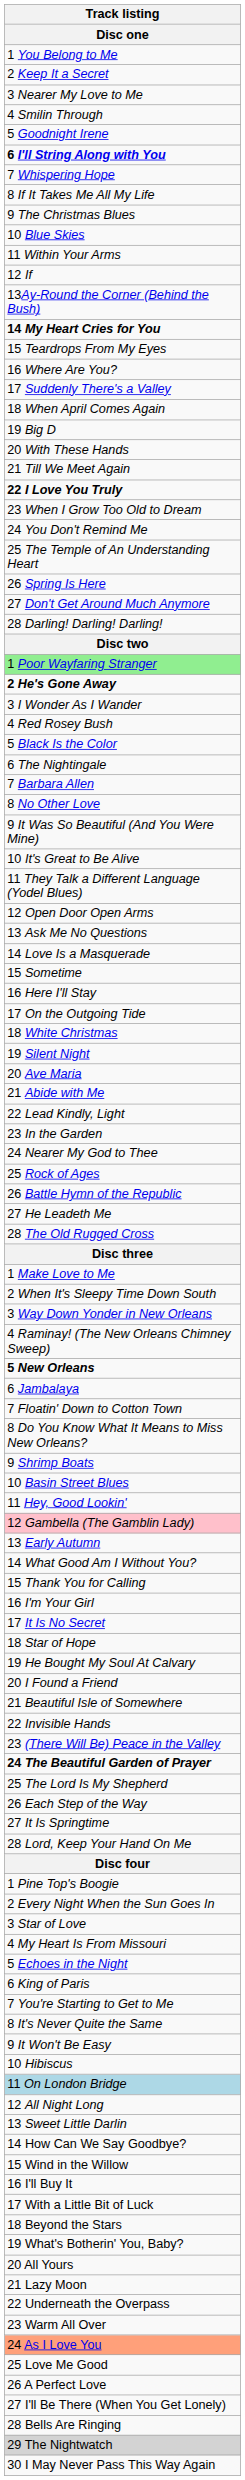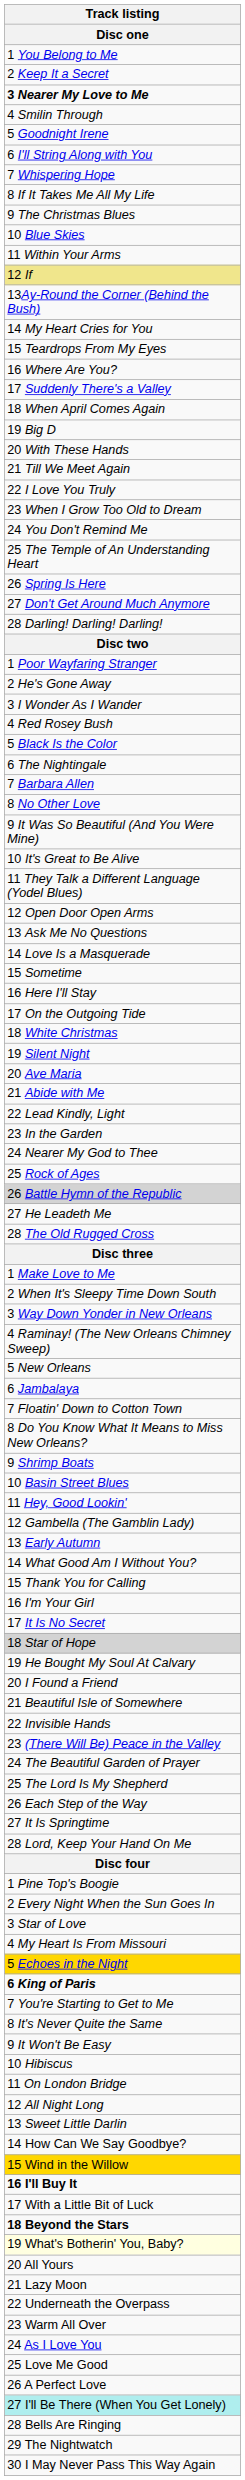 <table class="wikitable collapsible collapsed" style="width:300px;">
 <tr>
 <th>Track listing</th>
 </tr>
 <tr>
 <th>Disc one</th>
 </tr>
 <tr>
 <td>1 <em><a href='#'>You Belong to Me</a></em></td>
 </tr>
 <tr>
 <td>2 <em><a href='#'>Keep It a Secret</a></em></td>
 </tr>
 <tr>
-<td>3 <em>Nearer My Love to Me</em></td>
+<td><strong>3 <em>Nearer My Love to Me</em></strong></td>
 </tr>
 <tr>
 <td>4 <em>Smilin Through</em></td>
 </tr>
 <tr>
 <td>5 <em><a href='#'>Goodnight Irene</a></em></td>
 </tr>
 <tr>
-<td><strong>6 <em><a href='#'>I'll String Along with You</a></em></strong></td>
+<td>6 <em><a href='#'>I'll String Along with You</a></em></td>
 </tr>
 <tr>
 <td>7 <em><a href='#'>Whispering Hope</a></em></td>
 </tr>
 <tr>
 <td>8 <em>If It Takes Me All My Life</em></td>
 </tr>
 <tr>
 <td>9 <em>The Christmas Blues</em></td>
 </tr>
 <tr>
 <td>10 <em><a href='#'>Blue Skies</a></em></td>
 </tr>
 <tr>
 <td>11 <em>Within Your Arms</em></td>
 </tr>
 <tr>
-<td>12 <em>If</em></td>
+<td style="background: khaki;">12 <em>If</em></td>
 </tr>
 <tr>
 <td>13<em><a href='#'>Ay-Round the Corner (Behind the Bush)</a></em></td>
 </tr>
 <tr>
-<td><strong>14 <em>My Heart Cries for You</em></strong></td>
+<td>14 <em>My Heart Cries for You</em></td>
 </tr>
 <tr>
 <td>15 <em>Teardrops From My Eyes</em></td>
 </tr>
 <tr>
 <td>16 <em>Where Are You?</em></td>
 </tr>
 <tr>
 <td>17 <em><a href='#'>Suddenly There's a Valley</a></em></td>
 </tr>
 <tr>
 <td>18 <em>When April Comes Again</em></td>
 </tr>
 <tr>
 <td>19 <em>Big D</em></td>
 </tr>
 <tr>
 <td>20 <em>With These Hands</em></td>
 </tr>
 <tr>
 <td>21 <em>Till We Meet Again</em></td>
 </tr>
 <tr>
-<td><strong>22 <em>I Love You Truly</em></strong></td>
+<td>22 <em>I Love You Truly</em></td>
 </tr>
 <tr>
 <td>23 <em>When I Grow Too Old to Dream</em></td>
 </tr>
 <tr>
 <td>24 <em>You Don't Remind Me</em></td>
 </tr>
 <tr>
 <td>25 <em>The Temple of An Understanding Heart</em></td>
 </tr>
 <tr>
 <td>26 <em><a href='#'>Spring Is Here</a></em></td>
 </tr>
 <tr>
 <td>27 <em><a href='#'>Don't Get Around Much Anymore</a></em></td>
 </tr>
 <tr>
 <td>28 <em>Darling! Darling! Darling!</em></td>
 </tr>
 <tr>
 <th>Disc two</th>
 </tr>
 <tr>
-<td style="background: lightgreen;">1 <em><a href='#'>Poor Wayfaring Stranger</a></em></td>
+<td>1 <em><a href='#'>Poor Wayfaring Stranger</a></em></td>
 </tr>
 <tr>
-<td><strong>2 <em>He's Gone Away</em></strong></td>
+<td>2 <em>He's Gone Away</em></td>
 </tr>
 <tr>
 <td>3 <em>I Wonder As I Wander</em></td>
 </tr>
 <tr>
 <td>4 <em>Red Rosey Bush</em></td>
 </tr>
 <tr>
 <td>5 <em><a href='#'>Black Is the Color</a></em></td>
 </tr>
 <tr>
 <td>6 <em>The Nightingale</em></td>
 </tr>
 <tr>
 <td>7 <em><a href='#'>Barbara Allen</a></em></td>
 </tr>
 <tr>
 <td>8 <em><a href='#'>No Other Love</a></em></td>
 </tr>
 <tr>
 <td>9 <em>It Was So Beautiful (And You Were Mine)</em></td>
 </tr>
 <tr>
 <td>10 <em>It's Great to Be Alive</em></td>
 </tr>
 <tr>
 <td>11 <em>They Talk a Different Language (Yodel Blues)</em></td>
 </tr>
 <tr>
 <td>12 <em>Open Door Open Arms</em></td>
 </tr>
 <tr>
 <td>13 <em>Ask Me No Questions</em></td>
 </tr>
 <tr>
 <td>14 <em>Love Is a Masquerade</em></td>
 </tr>
 <tr>
 <td>15 <em>Sometime</em></td>
 </tr>
 <tr>
 <td>16 <em>Here I'll Stay</em></td>
 </tr>
 <tr>
 <td>17 <em>On the Outgoing Tide</em></td>
 </tr>
 <tr>
 <td>18 <em><a href='#'>White Christmas</a></em></td>
 </tr>
 <tr>
 <td>19 <em><a href='#'>Silent Night</a></em></td>
 </tr>
 <tr>
 <td>20 <em><a href='#'>Ave Maria</a></em></td>
 </tr>
 <tr>
 <td>21 <em><a href='#'>Abide with Me</a></em></td>
 </tr>
 <tr>
 <td>22 <em>Lead Kindly, Light</em></td>
 </tr>
 <tr>
 <td>23 <em>In the Garden</em></td>
 </tr>
 <tr>
 <td>24 <em>Nearer My God to Thee</em></td>
 </tr>
 <tr>
 <td>25 <em><a href='#'>Rock of Ages</a></em></td>
 </tr>
 <tr>
-<td>26 <em><a href='#'>Battle Hymn of the Republic</a></em></td>
+<td style="background: lightgrey;">26 <em><a href='#'>Battle Hymn of the Republic</a></em></td>
 </tr>
 <tr>
 <td>27 <em>He Leadeth Me</em></td>
 </tr>
 <tr>
 <td>28 <em><a href='#'>The Old Rugged Cross</a></em></td>
 </tr>
 <tr>
 <th>Disc three</th>
 </tr>
 <tr>
 <td>1 <em><a href='#'>Make Love to Me</a></em></td>
 </tr>
 <tr>
 <td>2 <em>When It's Sleepy Time Down South</em></td>
 </tr>
 <tr>
 <td>3 <em><a href='#'>Way Down Yonder in New Orleans</a></em></td>
 </tr>
 <tr>
 <td>4 <em>Raminay! (The New Orleans Chimney Sweep)</em></td>
 </tr>
 <tr>
-<td><strong>5 <em>New Orleans</em></strong></td>
+<td>5 <em>New Orleans</em></td>
 </tr>
 <tr>
 <td>6 <em><a href='#'>Jambalaya</a></em></td>
 </tr>
 <tr>
 <td>7 <em>Floatin' Down to Cotton Town</em></td>
 </tr>
 <tr>
 <td>8 <em>Do You Know What It Means to Miss New Orleans?</em></td>
 </tr>
 <tr>
 <td>9 <em><a href='#'>Shrimp Boats</a></em></td>
 </tr>
 <tr>
 <td>10 <em><a href='#'>Basin Street Blues</a></em></td>
 </tr>
 <tr>
 <td>11 <em><a href='#'>Hey, Good Lookin'</a></em></td>
 </tr>
 <tr>
-<td style="background: pink;">12 <em>Gambella (The Gamblin Lady)</em></td>
+<td>12 <em>Gambella (The Gamblin Lady)</em></td>
 </tr>
 <tr>
 <td>13 <em><a href='#'>Early Autumn</a></em></td>
 </tr>
 <tr>
 <td>14 <em>What Good Am I Without You?</em></td>
 </tr>
 <tr>
 <td>15 <em>Thank You for Calling</em></td>
 </tr>
 <tr>
 <td>16 <em>I'm Your Girl</em></td>
 </tr>
 <tr>
 <td>17 <em><a href='#'>It Is No Secret</a></em></td>
 </tr>
 <tr>
-<td>18 <em>Star of Hope</em></td>
+<td style="background: lightgrey;">18 <em>Star of Hope</em></td>
 </tr>
 <tr>
 <td>19 <em>He Bought My Soul At Calvary</em></td>
 </tr>
 <tr>
 <td>20 <em>I Found a Friend</em></td>
 </tr>
 <tr>
 <td>21 <em>Beautiful Isle of Somewhere</em></td>
 </tr>
 <tr>
 <td>22 <em>Invisible Hands</em></td>
 </tr>
 <tr>
 <td>23 <em><a href='#'>(There Will Be) Peace in the Valley</a></em></td>
 </tr>
 <tr>
-<td><strong>24 <em>The Beautiful Garden of Prayer</em></strong></td>
+<td>24 <em>The Beautiful Garden of Prayer</em></td>
 </tr>
 <tr>
 <td>25 <em>The Lord Is My Shepherd</em></td>
 </tr>
 <tr>
 <td>26 <em>Each Step of the Way</em></td>
 </tr>
 <tr>
 <td>27 <em>It Is Springtime</em></td>
 </tr>
 <tr>
 <td>28 <em>Lord, Keep Your Hand On Me</em></td>
 </tr>
 <tr>
 <th>Disc four</th>
 </tr>
 <tr>
 <td>1 <em>Pine Top's Boogie</em></td>
 </tr>
 <tr>
 <td>2 <em>Every Night When the Sun Goes In</em></td>
 </tr>
 <tr>
 <td>3 <em>Star of Love</em></td>
 </tr>
 <tr>
 <td>4 <em>My Heart Is From Missouri</em></td>
 </tr>
 <tr>
-<td>5 <em><a href='#'>Echoes in the Night</a></em></td>
+<td style="background: gold;">5 <em><a href='#'>Echoes in the Night</a></em></td>
 </tr>
 <tr>
-<td>6 <em>King of Paris</em></td>
+<td><strong>6 <em>King of Paris</em></strong></td>
 </tr>
 <tr>
 <td>7 <em>You're Starting to Get to Me</em></td>
 </tr>
 <tr>
 <td>8 <em>It's Never Quite the Same</em></td>
 </tr>
 <tr>
 <td>9 <em>It Won't Be Easy</em></td>
 </tr>
 <tr>
 <td>10 <em>Hibiscus</em></td>
 </tr>
 <tr>
-<td style="background: lightblue;">11 <em>On London Bridge</em></td>
+<td>11 <em>On London Bridge</em></td>
 </tr>
 <tr>
 <td>12 <em>All Night Long</em></td>
 </tr>
 <tr>
 <td>13 <em>Sweet Little Darlin<strong></td>
 </tr>
 <tr>
 <td>14 </em>How Can We Say Goodbye?<em></td>
 </tr>
 <tr>
-<td>15 </em>Wind in the Willow<em></td>
+<td style="background: gold;">15 </em>Wind in the Willow<em></td>
 </tr>
 <tr>
-<td>16 </em>I'll Buy It<em></td>
+<td><strong>16 </em>I'll Buy It<em></strong></td>
 </tr>
 <tr>
 <td>17 </em>With a Little Bit of Luck<em></td>
 </tr>
 <tr>
-<td>18 </em>Beyond the Stars<em></td>
+<td><strong>18 </em>Beyond the Stars<em></strong></td>
 </tr>
 <tr>
-<td>19 </em>What's Botherin' You, Baby?<em></td>
+<td style="background: lightyellow;">19 </em>What's Botherin' You, Baby?<em></td>
 </tr>
 <tr>
 <td>20 </em>All Yours<em></td>
 </tr>
 <tr>
 <td>21 </em>Lazy Moon<em></td>
 </tr>
 <tr>
 <td>22 </em>Underneath the Overpass<em></td>
 </tr>
 <tr>
 <td>23 </em>Warm All Over<em></td>
 </tr>
 <tr>
-<td style="background: lightsalmon;">24 </em><a href='#'>As I Love You</a><em></td>
+<td>24 </em><a href='#'>As I Love You</a><em></td>
 </tr>
 <tr>
 <td>25 </em>Love Me Good<em></td>
 </tr>
 <tr>
 <td>26 </em>A Perfect Love<em></td>
 </tr>
 <tr>
-<td>27 </em>I'll Be There (When You Get Lonely)<em></td>
+<td style="background: paleturquoise;">27 </em>I'll Be There (When You Get Lonely)<em></td>
 </tr>
 <tr>
 <td>28 </em>Bells Are Ringing<em></td>
 </tr>
 <tr>
-<td style="background: lightgrey;">29 </em>The Nightwatch<em></td>
+<td>29 </em>The Nightwatch<em></td>
 </tr>
 <tr>
 <td>30 </em>I May Never Pass This Way Again<em></td>
 </tr>
 </table>
